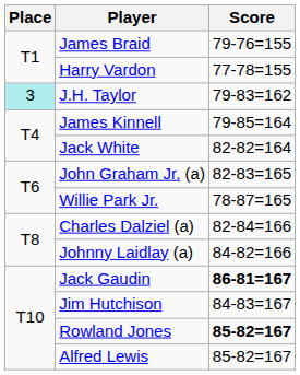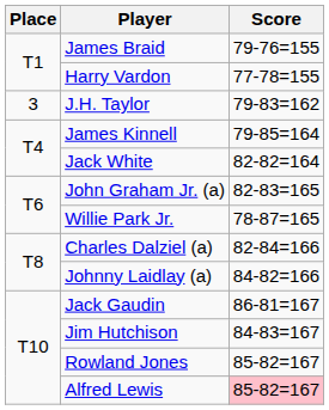 <table class="wikitable">
 <tr>
 <th>Place</th>
 <th>Player</th>
 <th>Score</th>
 </tr>
 <tr>
 <td rowspan=2 align=center>T1</td>
 <td> <a href='#'>James Braid</a></td>
 <td>79-76=155</td>
 </tr>
 <tr>
 <td> <a href='#'>Harry Vardon</a></td>
 <td>77-78=155</td>
 </tr>
 <tr>
-<td align=center style="background: paleturquoise;">3</td>
+<td align=center>3</td>
 <td> <a href='#'>J.H. Taylor</a></td>
 <td>79-83=162</td>
 </tr>
 <tr>
 <td rowspan=2 align=center>T4</td>
 <td> <a href='#'>James Kinnell</a></td>
 <td>79-85=164</td>
 </tr>
 <tr>
 <td> <a href='#'>Jack White</a></td>
 <td>82-82=164</td>
 </tr>
 <tr>
 <td rowspan=2 align=center>T6</td>
 <td> <a href='#'>John Graham Jr.</a> (a)</td>
 <td>82-83=165</td>
 </tr>
 <tr>
 <td> <a href='#'>Willie Park Jr.</a></td>
 <td>78-87=165</td>
 </tr>
 <tr>
 <td rowspan=2 align=center>T8</td>
 <td> <a href='#'>Charles Dalziel</a> (a)</td>
 <td>82-84=166</td>
 </tr>
 <tr>
 <td> <a href='#'>Johnny Laidlay</a> (a)</td>
 <td>84-82=166</td>
 </tr>
 <tr>
 <td rowspan=4 align=center>T10</td>
 <td> <a href='#'>Jack Gaudin</a></td>
-<td><strong>86-81=167</strong></td>
+<td>86-81=167</td>
 </tr>
 <tr>
 <td> <a href='#'>Jim Hutchison</a></td>
 <td>84-83=167</td>
 </tr>
 <tr>
 <td> <a href='#'>Rowland Jones</a></td>
-<td><strong>85-82=167</strong></td>
+<td>85-82=167</td>
 </tr>
 <tr>
 <td> <a href='#'>Alfred Lewis</a></td>
-<td>85-82=167</td>
+<td style="background: pink;">85-82=167</td>
 </tr>
 </table>
